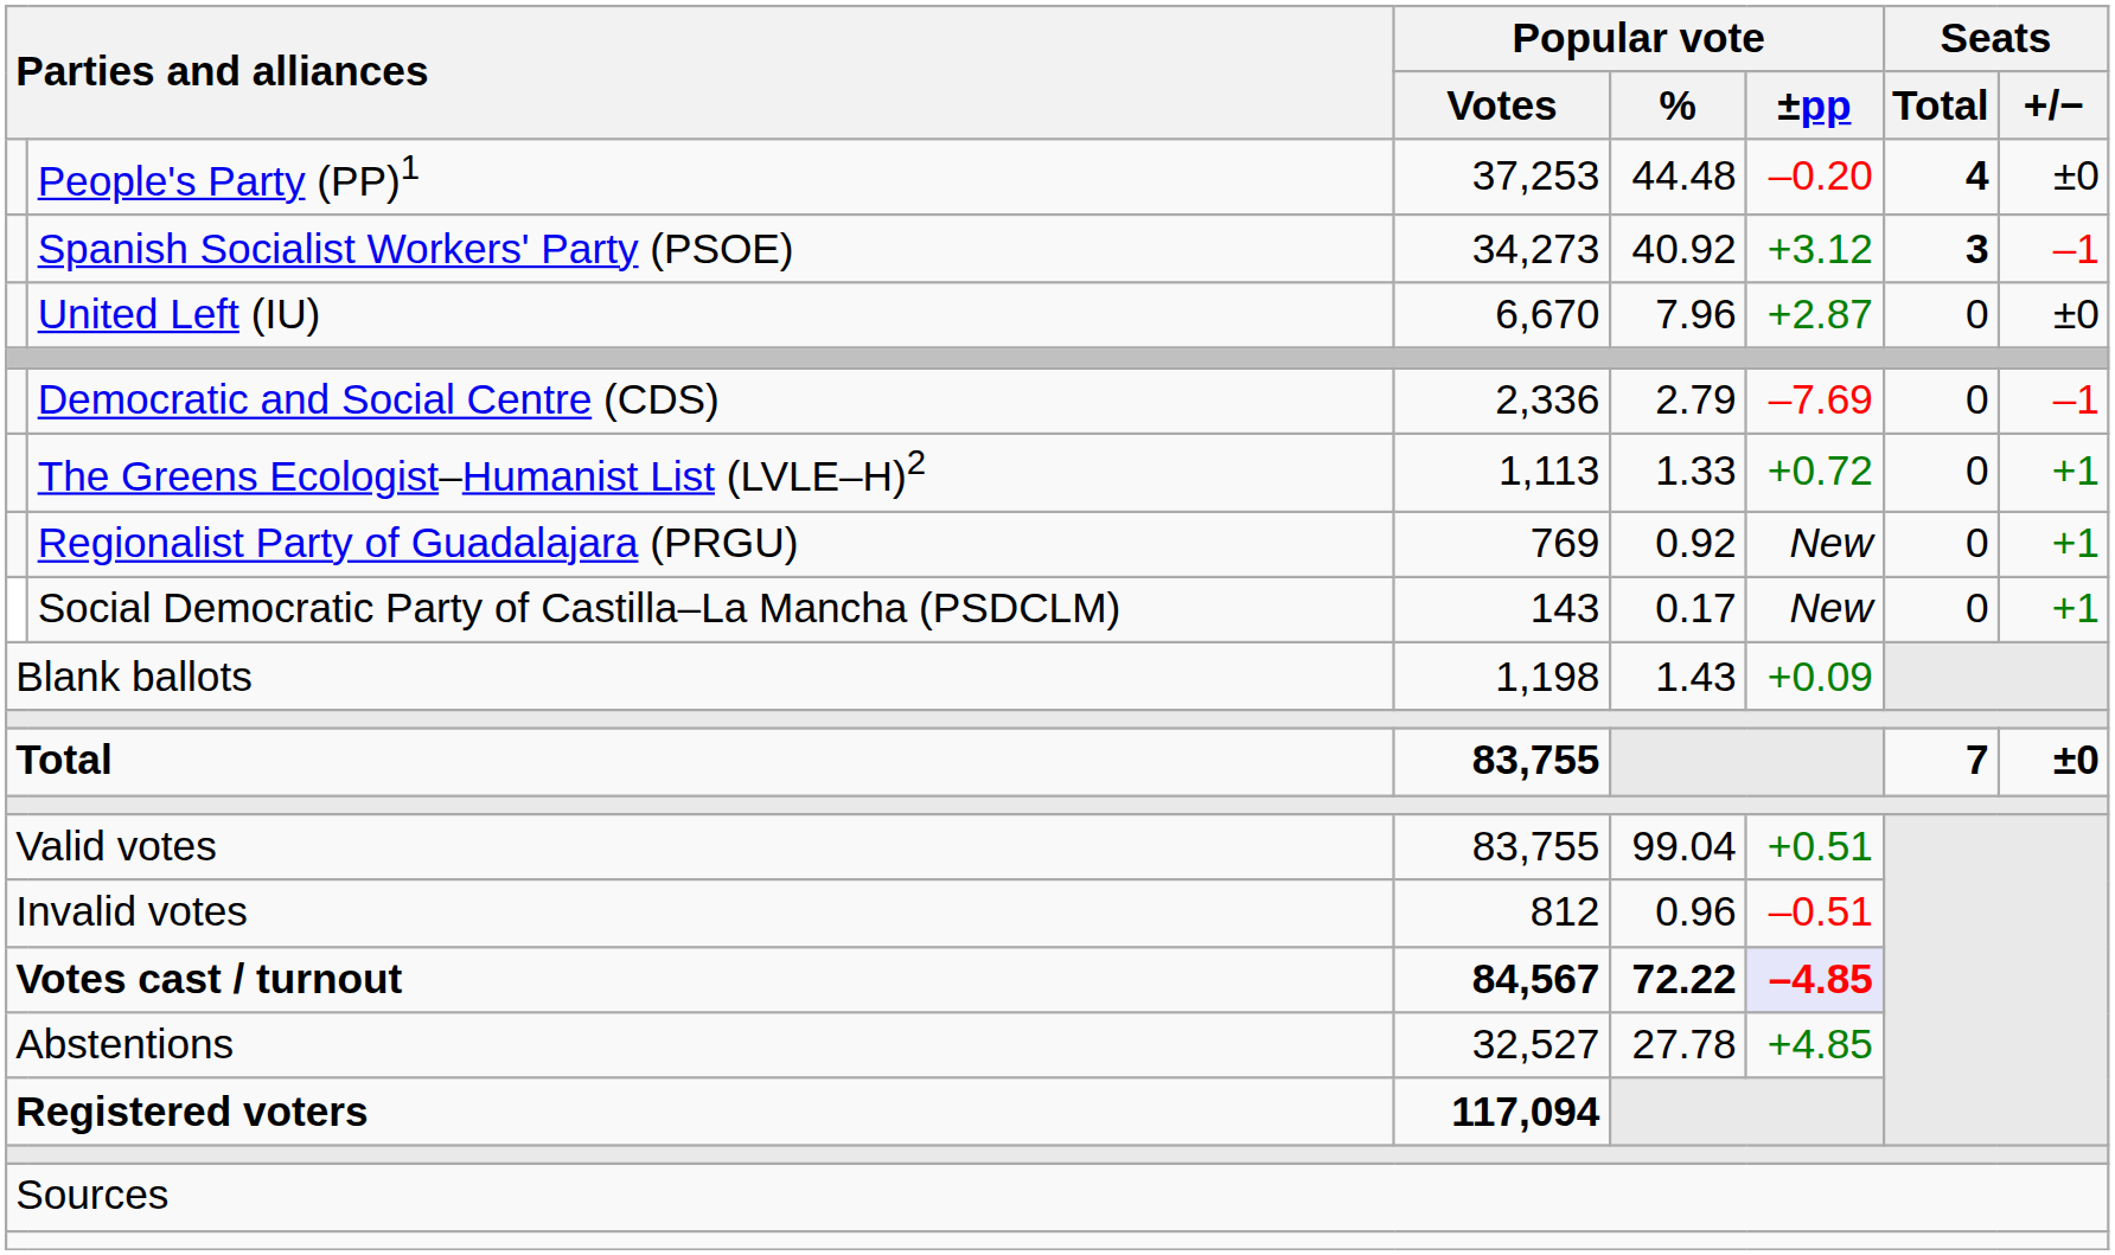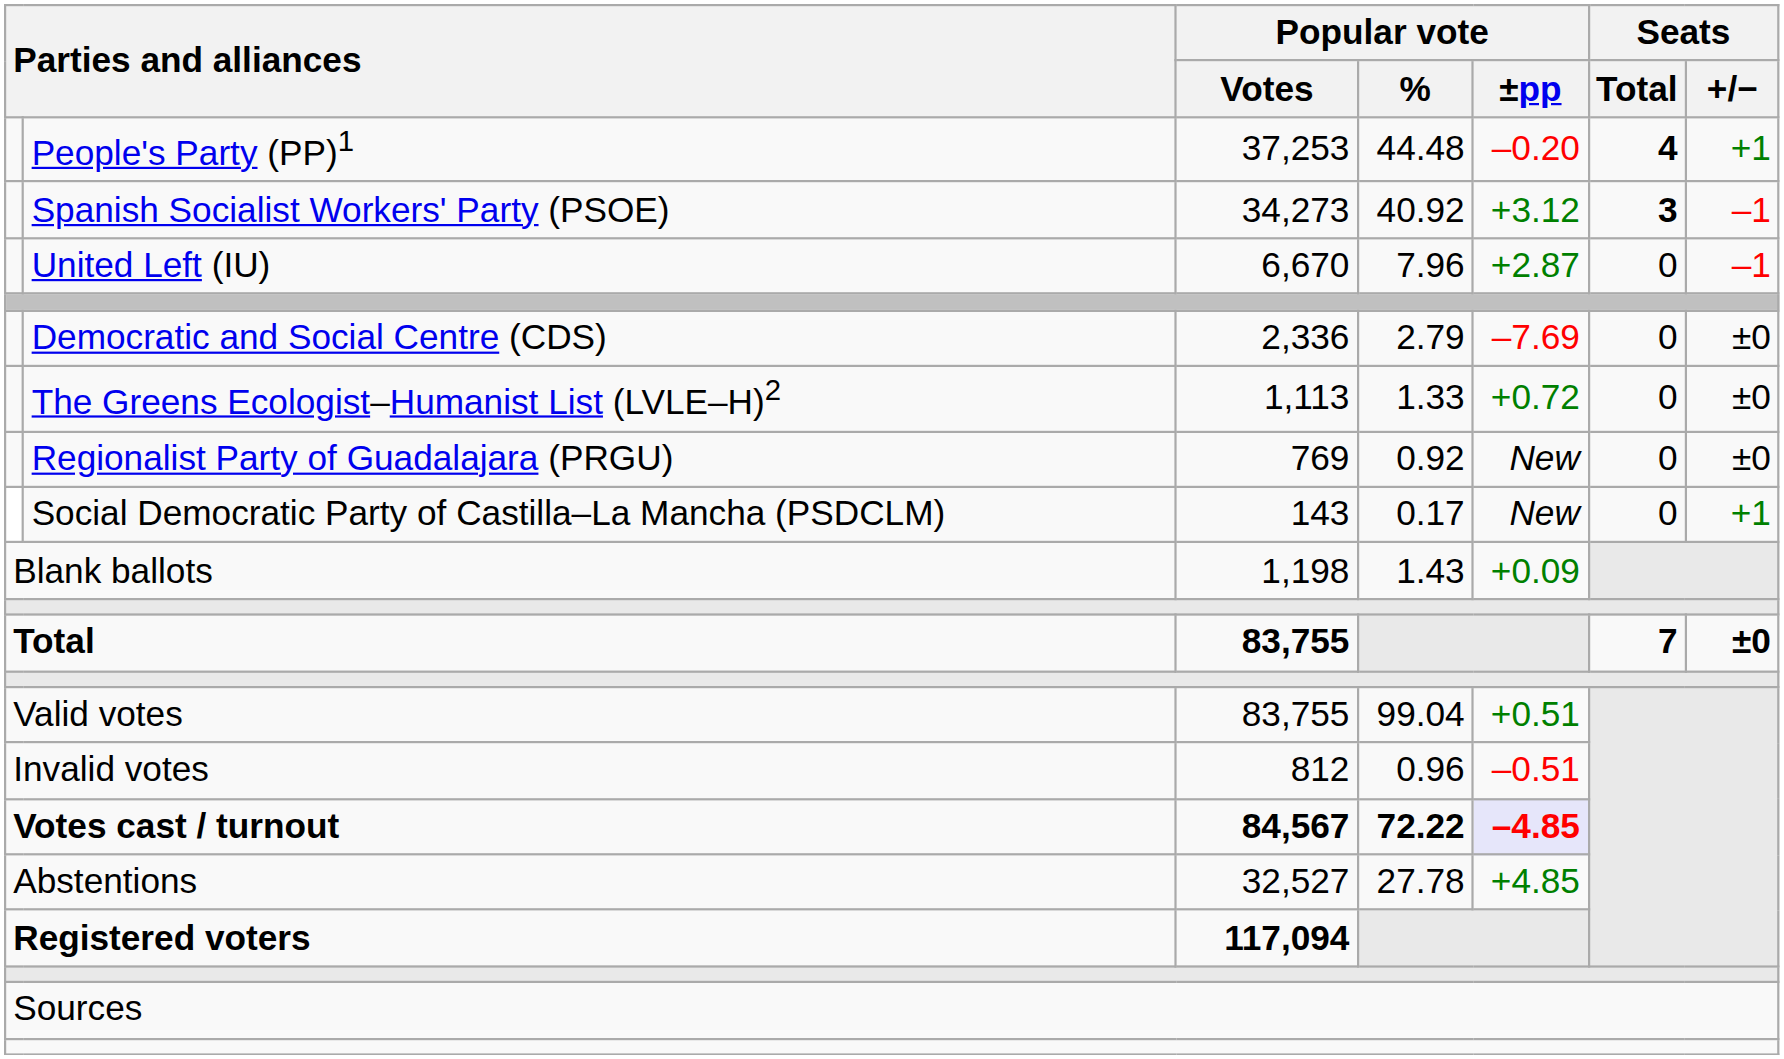 <table class="wikitable" style="text-align:right;">
 <tr>
 <th style="text-align:left;" rowspan="2" colspan="2" width="525">Parties and alliances</th>
 <th colspan="3">Popular vote</th>
 <th colspan="2">Seats</th>
 </tr>
 <tr>
 <th width="75">Votes</th>
 <th width="45">%</th>
 <th width="45">±<a href='#'>pp</a></th>
 <th width="35">Total</th>
 <th width="35">+/−</th>
 </tr>
 <tr>
 <td width="1" style="color:inherit;background:"></td>
 <td align="left"><a href='#'>People's Party</a> (PP)<sup>1</sup></td>
 <td>37,253</td>
 <td>44.48</td>
 <td style="color:red;">–0.20</td>
 <td><strong>4</strong></td>
-<td>±0</td>
+<td style="color:green;">+1</td>
 </tr>
 <tr>
 <td style="color:inherit;background:"></td>
 <td align="left"><a href='#'>Spanish Socialist Workers' Party</a> (PSOE)</td>
 <td>34,273</td>
 <td>40.92</td>
 <td style="color:green;">+3.12</td>
 <td><strong>3</strong></td>
 <td style="color:red;">–1</td>
 </tr>
 <tr>
 <td style="color:inherit;background:"></td>
 <td align="left"><a href='#'>United Left</a> (IU)</td>
 <td>6,670</td>
 <td>7.96</td>
 <td style="color:green;">+2.87</td>
 <td>0</td>
-<td>±0</td>
+<td style="color:red;">–1</td>
 </tr>
 <tr>
 <td colspan="7" bgcolor="#C0C0C0"></td>
 </tr>
 <tr>
 <td style="color:inherit;background:"></td>
 <td align="left"><a href='#'>Democratic and Social Centre</a> (CDS)</td>
 <td>2,336</td>
 <td>2.79</td>
 <td style="color:red;">–7.69</td>
 <td>0</td>
-<td style="color:red;">–1</td>
+<td>±0</td>
 </tr>
 <tr>
 <td style="color:inherit;background:"></td>
 <td align="left"><a href='#'>The Greens Ecologist</a>–<a href='#'>Humanist List</a> (LVLE–H)<sup>2</sup></td>
 <td>1,113</td>
 <td>1.33</td>
 <td style="color:green;">+0.72</td>
 <td>0</td>
-<td style="color:green;">+1</td>
+<td>±0</td>
 </tr>
 <tr>
 <td style="color:inherit;background:"></td>
 <td align="left"><a href='#'>Regionalist Party of Guadalajara</a> (PRGU)</td>
 <td>769</td>
 <td>0.92</td>
 <td><em>New</em></td>
 <td>0</td>
-<td style="color:green;">+1</td>
+<td>±0</td>
 </tr>
 <tr>
 <td bgcolor="white"></td>
 <td align="left">Social Democratic Party of Castilla–La Mancha (PSDCLM)</td>
 <td>143</td>
 <td>0.17</td>
 <td><em>New</em></td>
 <td>0</td>
 <td style="color:green;">+1</td>
 </tr>
 <tr>
 <td align="left" colspan="2">Blank ballots</td>
 <td>1,198</td>
 <td>1.43</td>
 <td style="color:green;">+0.09</td>
 <td bgcolor="#E9E9E9" colspan="2"></td>
 </tr>
 <tr>
 <td colspan="7" bgcolor="#E9E9E9"></td>
 </tr>
 <tr style="font-weight:bold;">
 <td align="left" colspan="2">Total</td>
 <td>83,755</td>
 <td bgcolor="#E9E9E9" colspan="2"></td>
 <td>7</td>
 <td>±0</td>
 </tr>
 <tr>
 <td colspan="7" bgcolor="#E9E9E9"></td>
 </tr>
 <tr>
 <td align="left" colspan="2">Valid votes</td>
 <td>83,755</td>
 <td>99.04</td>
 <td style="color:green;">+0.51</td>
 <td bgcolor="#E9E9E9" colspan="2" rowspan="5"></td>
 </tr>
 <tr>
 <td align="left" colspan="2">Invalid votes</td>
 <td>812</td>
 <td>0.96</td>
 <td style="color:red;">–0.51</td>
 </tr>
 <tr style="font-weight:bold;">
 <td align="left" colspan="2">Votes cast / turnout</td>
 <td>84,567</td>
 <td>72.22</td>
 <td style="background: lavender; color:red;">–4.85</td>
 </tr>
 <tr>
 <td align="left" colspan="2">Abstentions</td>
 <td>32,527</td>
 <td>27.78</td>
 <td style="color:green;">+4.85</td>
 </tr>
 <tr style="font-weight:bold;">
 <td align="left" colspan="2">Registered voters</td>
 <td>117,094</td>
 <td bgcolor="#E9E9E9" colspan="2"></td>
 </tr>
 <tr>
 <td colspan="7" bgcolor="#E9E9E9"></td>
 </tr>
 <tr>
 <td align="left" colspan="7">Sources</td>
 </tr>
 <tr>
 <td colspan="7" style="text-align:left; max-width:790px;"></td>
 </tr>
 </table>
